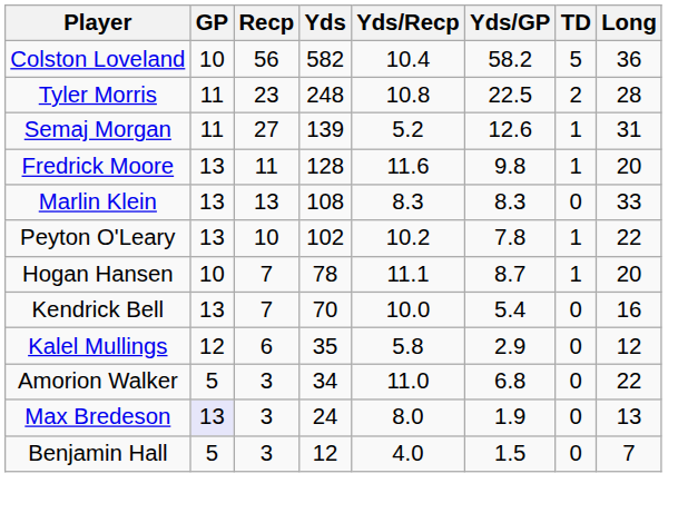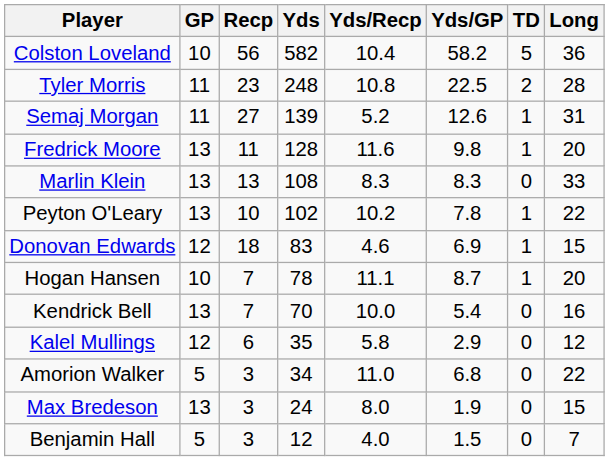 <table class="wikitable sortable sortable" style="text-align: center">
 <tr align=center>
 <th>Player</th>
 <th>GP</th>
 <th>Recp</th>
 <th>Yds</th>
 <th>Yds/Recp</th>
 <th>Yds/GP</th>
 <th>TD</th>
 <th>Long</th>
 </tr>
 <tr>
 <td><a href='#'>Colston Loveland</a></td>
 <td>10</td>
 <td>56</td>
 <td>582</td>
 <td>10.4</td>
 <td>58.2</td>
 <td>5</td>
 <td>36</td>
 </tr>
 <tr>
 <td><a href='#'>Tyler Morris</a></td>
 <td>11</td>
 <td>23</td>
 <td>248</td>
 <td>10.8</td>
 <td>22.5</td>
 <td>2</td>
 <td>28</td>
 </tr>
 <tr>
 <td><a href='#'>Semaj Morgan</a></td>
 <td>11</td>
 <td>27</td>
 <td>139</td>
 <td>5.2</td>
 <td>12.6</td>
 <td>1</td>
 <td>31</td>
 </tr>
 <tr>
 <td><a href='#'>Fredrick Moore</a></td>
 <td>13</td>
 <td>11</td>
 <td>128</td>
 <td>11.6</td>
 <td>9.8</td>
 <td>1</td>
 <td>20</td>
 </tr>
 <tr>
 <td><a href='#'>Marlin Klein</a></td>
 <td>13</td>
 <td>13</td>
 <td>108</td>
 <td>8.3</td>
 <td>8.3</td>
 <td>0</td>
 <td>33</td>
 </tr>
 <tr>
 <td>Peyton O'Leary</td>
 <td>13</td>
 <td>10</td>
 <td>102</td>
 <td>10.2</td>
 <td>7.8</td>
 <td>1</td>
 <td>22</td>
 </tr>
 <tr>
+<td><a href='#'>Donovan Edwards</a></td>
+<td>12</td>
+<td>18</td>
+<td>83</td>
+<td>4.6</td>
+<td>6.9</td>
+<td>1</td>
+<td>15</td>
+</tr>
+<tr>
 <td>Hogan Hansen</td>
 <td>10</td>
 <td>7</td>
 <td>78</td>
 <td>11.1</td>
 <td>8.7</td>
 <td>1</td>
 <td>20</td>
 </tr>
 <tr>
 <td>Kendrick Bell</td>
 <td>13</td>
 <td>7</td>
 <td>70</td>
 <td>10.0</td>
 <td>5.4</td>
 <td>0</td>
 <td>16</td>
 </tr>
 <tr>
 <td><a href='#'>Kalel Mullings</a></td>
 <td>12</td>
 <td>6</td>
 <td>35</td>
 <td>5.8</td>
 <td>2.9</td>
 <td>0</td>
 <td>12</td>
 </tr>
 <tr>
 <td>Amorion Walker</td>
 <td>5</td>
 <td>3</td>
 <td>34</td>
 <td>11.0</td>
 <td>6.8</td>
 <td>0</td>
 <td>22</td>
 </tr>
 <tr>
 <td><a href='#'>Max Bredeson</a></td>
-<td style="background: lavender;">13</td>
+<td>13</td>
 <td>3</td>
 <td>24</td>
 <td>8.0</td>
 <td>1.9</td>
 <td>0</td>
-<td>13</td>
+<td>15</td>
 </tr>
 <tr>
 <td>Benjamin Hall</td>
 <td>5</td>
 <td>3</td>
 <td>12</td>
 <td>4.0</td>
 <td>1.5</td>
 <td>0</td>
 <td>7</td>
 </tr>
 </table>
